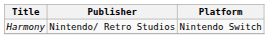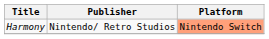 <table class="wikitable sortable">
 <tr>
 <th>Title</th>
 <th>Publisher</th>
 <th>Platform</th>
 </tr>
 <tr>
 <td><em>Harmony</em></td>
 <td>Nintendo/ Retro Studios</td>
-<td>Nintendo Switch</td>
+<td style="background: lightsalmon;">Nintendo Switch</td>
 </tr>
 <tr>
 </tr>
 </table>
